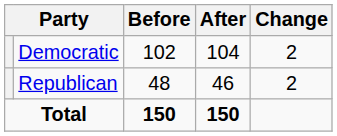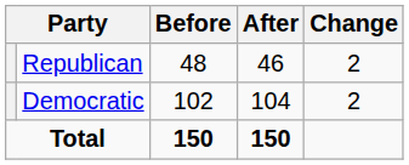 <table class="wikitable" style="text-align:center;">
 <tr>
 <th colspan="2">Party</th>
 <th>Before</th>
 <th>After</th>
 <th>Change</th>
 </tr>
 <tr>
 <th style="background-color:"></th>
-<td style="text-align:left;"><a href='#'>Democratic</a></td>
-<td>102</td>
-<td>104</td>
+<td style="text-align:left;"><a href='#'>Republican</a></td>
+<td>48</td>
+<td>46</td>
 <td> 2</td>
 </tr>
 <tr>
 <th style="background-color:"></th>
-<td style="text-align:left;"><a href='#'>Republican</a></td>
-<td>48</td>
-<td>46</td>
+<td style="text-align:left;"><a href='#'>Democratic</a></td>
+<td>102</td>
+<td>104</td>
 <td> 2</td>
 </tr>
 <tr>
 <td colspan="2"><strong>Total</strong></td>
 <td><strong>150</strong></td>
 <td><strong>150</strong></td>
 <td></td>
 </tr>
 </table>
